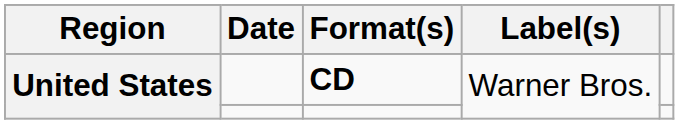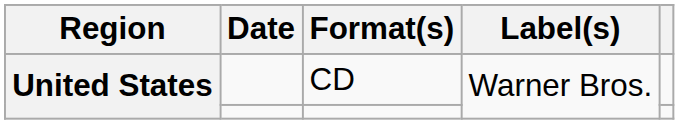 <table class="wikitable plainrowheaders" style="text-align:left">
 <tr>
 <th scope="col">Region</th>
 <th scope="col">Date</th>
 <th scope="col">Format(s)</th>
 <th scope="col">Label(s)</th>
 <th scope="col"></th>
 </tr>
 <tr>
 <th rowspan="2" scope="row">United States</th>
 <td></td>
-<td><strong>CD</strong></td>
+<td>CD</td>
 <td rowspan="2">Warner Bros.</td>
 <td align="center"></td>
 </tr>
 <tr>
 <td></td>
 <td></td>
 <td align="center"></td>
 </tr>
 </table>
